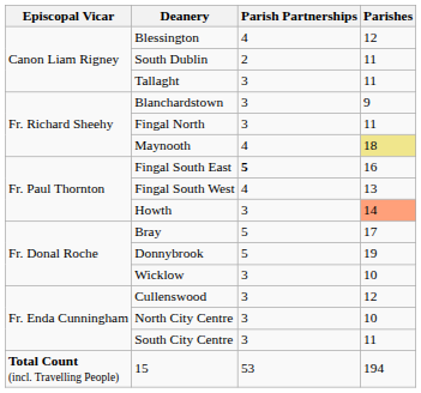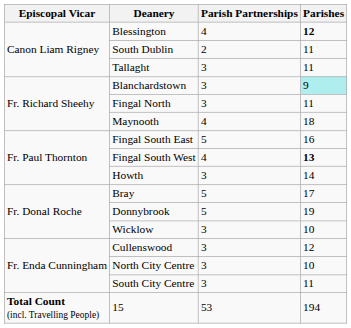 <table class="wikitable">
 <tr>
 <th>Episcopal Vicar</th>
 <th>Deanery</th>
 <th>Parish Partnerships</th>
 <th>Parishes</th>
 </tr>
 <tr>
 <td rowspan="3">Canon Liam Rigney</td>
 <td>Blessington</td>
 <td>4</td>
-<td>12</td>
+<td><strong>12</strong></td>
 </tr>
 <tr>
 <td>South Dublin</td>
 <td>2</td>
 <td>11</td>
 </tr>
 <tr>
 <td>Tallaght</td>
 <td>3</td>
 <td>11</td>
 </tr>
 <tr>
 <td rowspan="3">Fr. Richard Sheehy</td>
 <td>Blanchardstown</td>
 <td>3</td>
-<td>9</td>
+<td style="background: paleturquoise;">9</td>
 </tr>
 <tr>
 <td>Fingal North</td>
 <td>3</td>
 <td>11</td>
 </tr>
 <tr>
 <td>Maynooth</td>
 <td>4</td>
-<td style="background: khaki;">18</td>
+<td>18</td>
 </tr>
 <tr>
 <td rowspan="3">Fr. Paul Thornton</td>
 <td>Fingal South East</td>
-<td><strong>5</strong></td>
+<td>5</td>
 <td>16</td>
 </tr>
 <tr>
 <td>Fingal South West</td>
 <td>4</td>
-<td>13</td>
+<td><strong>13</strong></td>
 </tr>
 <tr>
 <td>Howth</td>
 <td>3</td>
-<td style="background: lightsalmon;">14</td>
+<td>14</td>
 </tr>
 <tr>
 <td rowspan="3">Fr. Donal Roche</td>
 <td>Bray</td>
 <td>5</td>
 <td>17</td>
 </tr>
 <tr>
 <td>Donnybrook</td>
 <td>5</td>
 <td>19</td>
 </tr>
 <tr>
 <td>Wicklow</td>
 <td>3</td>
 <td>10</td>
 </tr>
 <tr>
 <td rowspan="3">Fr. Enda Cunningham</td>
 <td>Cullenswood</td>
 <td>3</td>
 <td>12</td>
 </tr>
 <tr>
 <td>North City Centre</td>
 <td>3</td>
 <td>10</td>
 </tr>
 <tr>
 <td>South City Centre</td>
 <td>3</td>
 <td>11</td>
 </tr>
 <tr>
 <td><strong>Total Count</strong><br><small>(incl. Travelling People)</small></td>
 <td>15</td>
 <td>53</td>
 <td>194</td>
 </tr>
 </table>
